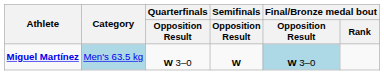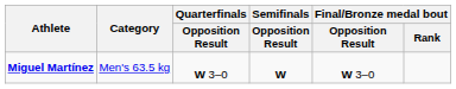 <table class="wikitable" style="text-align:center; font-size:90%">
 <tr>
 <th rowspan=2>Athlete</th>
 <th rowspan=2>Category</th>
 <th>Quarterfinals</th>
 <th>Semifinals</th>
 <th colspan=2>Final/Bronze medal bout</th>
 </tr>
 <tr style="font-size:95%">
 <th>Opposition<br>Result</th>
 <th>Opposition<br>Result</th>
 <th>Opposition<br>Result</th>
 <th>Rank</th>
 </tr>
 <tr>
 <td align=left><strong><a href='#'>Miguel Martínez</a></strong></td>
-<td align=left style="background: lightblue;"><a href='#'>Men's 63.5 kg</a></td>
+<td align=left><a href='#'>Men's 63.5 kg</a></td>
 <td><br> <strong>W</strong> 3–0</td>
 <td><br> <strong>W</strong> </td>
-<td style="background: lightblue;"><br> <strong>W</strong> 3–0</td>
+<td><br> <strong>W</strong> 3–0</td>
 <td></td>
 </tr>
 </table>
